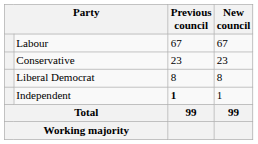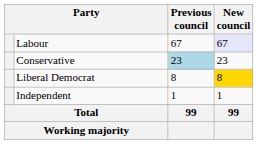 <table class="wikitable">
 <tr>
 <th valign=top colspan="2" style="width: 230px">Party</th>
 <th valign=top style="width: 30px">Previous council</th>
 <th valign=top style="width: 30px">New council</th>
 </tr>
 <tr>
 <th style="background-color: "></th>
 <td>Labour</td>
 <td>67</td>
-<td>67</td>
+<td style="background: lavender;">67</td>
 </tr>
 <tr>
 <th style="background-color: "></th>
 <td>Conservative</td>
-<td>23</td>
+<td style="background: lightblue;">23</td>
 <td>23</td>
 </tr>
 <tr>
 <th style="background-color: "></th>
 <td>Liberal Democrat</td>
 <td>8</td>
-<td>8</td>
+<td style="background: gold;">8</td>
 </tr>
 <tr>
 <th style="background-color: "></th>
 <td>Independent</td>
-<td><strong>1</strong></td>
+<td>1</td>
 <td>1</td>
 </tr>
 <tr>
 <th colspan=2>Total</th>
 <th style="text-align: center">99</th>
 <th colspan=3>99</th>
 </tr>
 <tr>
 <th colspan=2>Working majority</th>
 <th></th>
 <th></th>
 </tr>
 </table>
